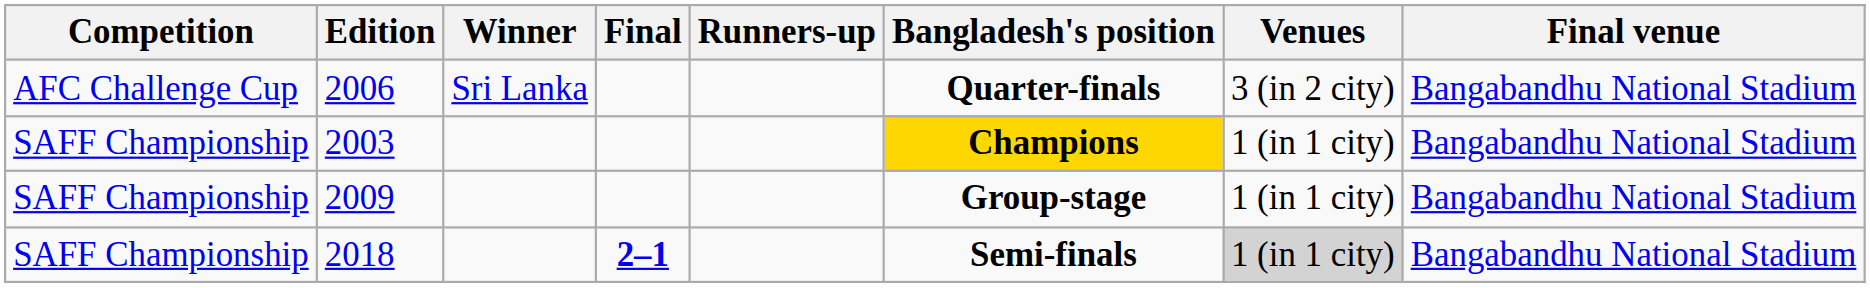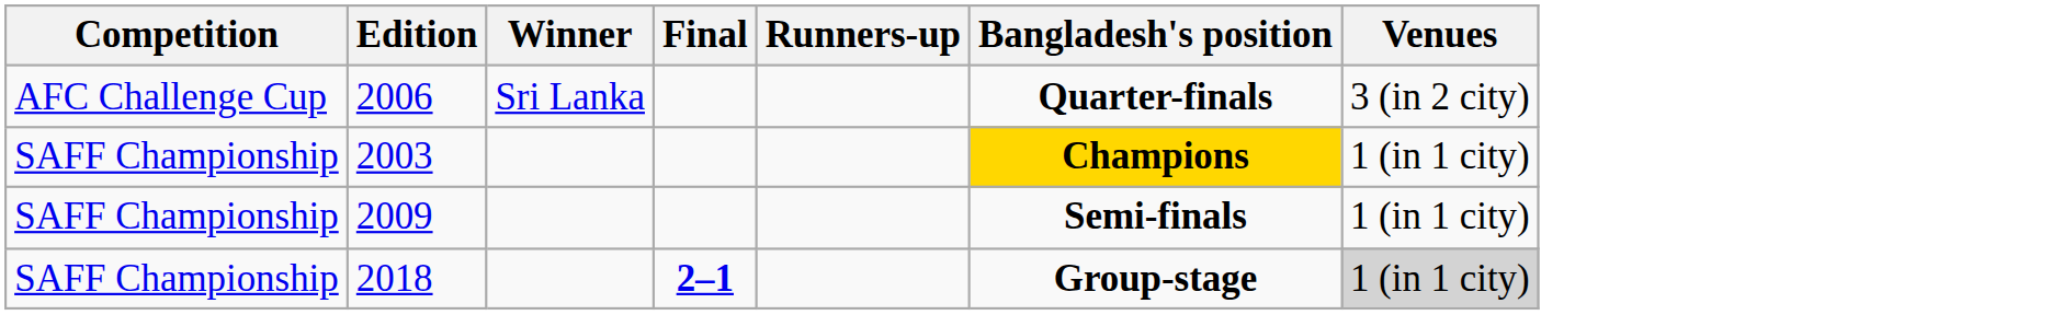 <table class="wikitable">
 <tr>
 <th>Competition</th>
 <th>Edition</th>
 <th>Winner</th>
 <th>Final</th>
 <th>Runners-up</th>
 <th>Bangladesh's position</th>
 <th>Venues</th>
-<th>Final venue</th>
 </tr>
 <tr>
 <td><a href='#'>AFC Challenge Cup</a></td>
 <td><a href='#'>2006</a></td>
 <td> <a href='#'>Sri Lanka</a></td>
 <td></td>
 <td></td>
 <td style="text-align:center"><strong>Quarter-finals</strong></td>
 <td>3 (in 2 city)</td>
-<td><a href='#'>Bangabandhu National Stadium</a></td>
 </tr>
 <tr>
 <td><a href='#'>SAFF Championship</a></td>
 <td><a href='#'>2003</a></td>
 <td></td>
 <td> </td>
 <td></td>
 <td bgcolor="gold" align="center"><strong>Champions</strong></td>
 <td>1 (in 1 city)</td>
-<td><a href='#'>Bangabandhu National Stadium</a></td>
 </tr>
 <tr>
 <td><a href='#'>SAFF Championship</a></td>
 <td><a href='#'>2009</a></td>
 <td></td>
 <td> </td>
 <td></td>
-<td style="text-align:center"><strong>Group-stage</strong></td>
+<td style="text-align:center"><strong>Semi-finals</strong></td>
 <td>1 (in 1 city)</td>
-<td><a href='#'>Bangabandhu National Stadium</a></td>
 </tr>
 <tr>
 <td><a href='#'>SAFF Championship</a></td>
 <td><a href='#'>2018</a></td>
 <td></td>
 <td style="text-align:center"><a href='#'><strong>2–1</strong></a></td>
 <td></td>
-<td style="text-align:center"><strong>Semi-finals</strong></td>
+<td style="text-align:center"><strong>Group-stage</strong></td>
 <td style="background: lightgrey;">1 (in 1 city)</td>
-<td><a href='#'>Bangabandhu National Stadium</a></td>
 </tr>
 </table>
